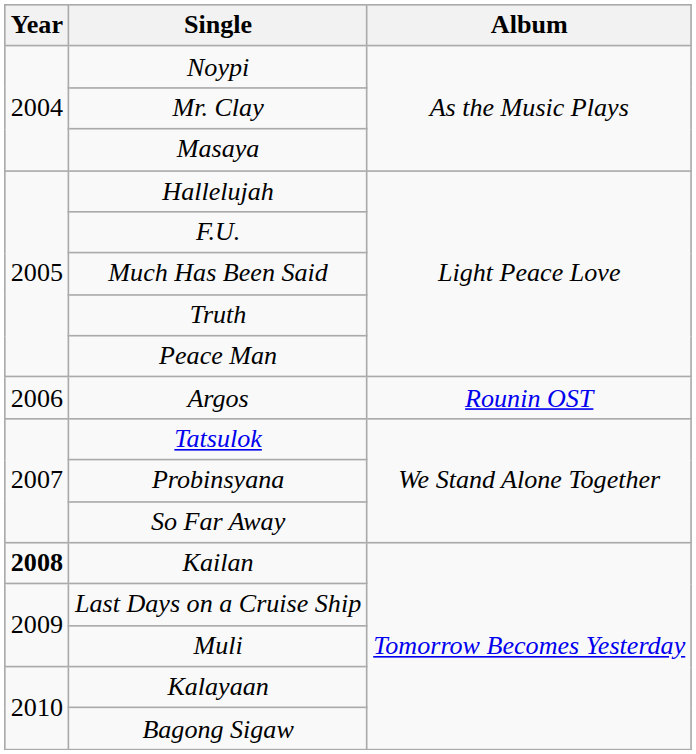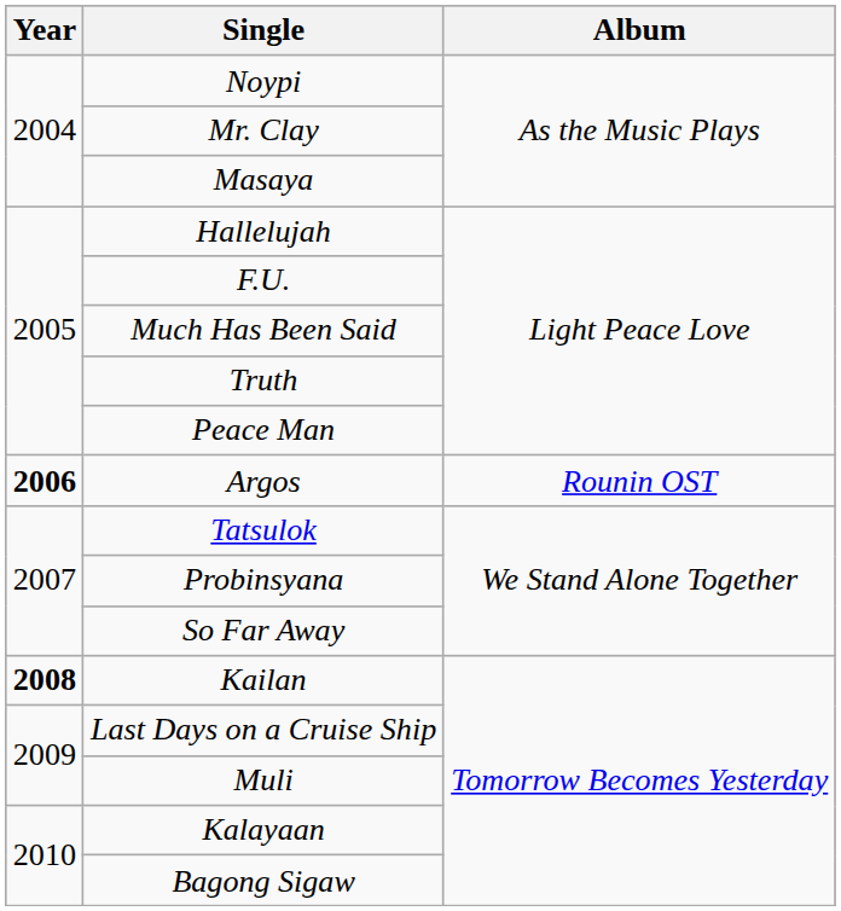 <table class="wikitable">
 <tr>
 <th>Year</th>
 <th>Single</th>
 <th>Album</th>
 </tr>
 <tr>
 <td align="left" rowspan="3">2004</td>
 <td align="center"><em>Noypi</em></td>
 <td align="center" rowspan="3"><em>As the Music Plays</em></td>
 </tr>
 <tr>
 <td align="center"><em>Mr. Clay</em></td>
 </tr>
 <tr>
 <td align="center"><em>Masaya</em></td>
 </tr>
 <tr>
 <td align="left" rowspan="5">2005</td>
 <td align="center"><em>Hallelujah</em></td>
 <td align="center" rowspan="5"><em>Light Peace Love</em></td>
 </tr>
 <tr>
 <td align="center"><em>F.U.</em></td>
 </tr>
 <tr>
 <td align="center"><em>Much Has Been Said</em></td>
 </tr>
 <tr>
 <td align="center"><em>Truth</em></td>
 </tr>
 <tr>
 <td align="center"><em>Peace Man </em></td>
 </tr>
 <tr>
-<td align="left" rowspan="1">2006</td>
+<td align="left" rowspan="1"><strong>2006</strong></td>
 <td align="center"><em>Argos</em></td>
 <td align="center" rowspan="1"><em><a href='#'>Rounin OST</a></em></td>
 </tr>
 <tr>
 <td align="left" rowspan="3">2007</td>
 <td align="center"><em><a href='#'>Tatsulok</a></em></td>
 <td align="center" rowspan="3"><em>We Stand Alone Together</em></td>
 </tr>
 <tr>
 <td align="center"><em>Probinsyana</em></td>
 </tr>
 <tr>
 <td align="center"><em>So Far Away</em></td>
 </tr>
 <tr>
 <td align="left" rowspan="1"><strong>2008</strong></td>
 <td align="center"><em>Kailan</em></td>
 <td align="center" rowspan="5"><em><a href='#'>Tomorrow Becomes Yesterday</a></em></td>
 </tr>
 <tr>
 <td align="left" rowspan="2">2009</td>
 <td align="center"><em>Last Days on a Cruise Ship</em></td>
 </tr>
 <tr>
 <td align="center"><em>Muli</em></td>
 </tr>
 <tr>
 <td align="left" rowspan="2">2010</td>
 <td align="center"><em>Kalayaan</em></td>
 </tr>
 <tr>
 <td align="center"><em>Bagong Sigaw</em></td>
 </tr>
 <tr>
 </tr>
 </table>
